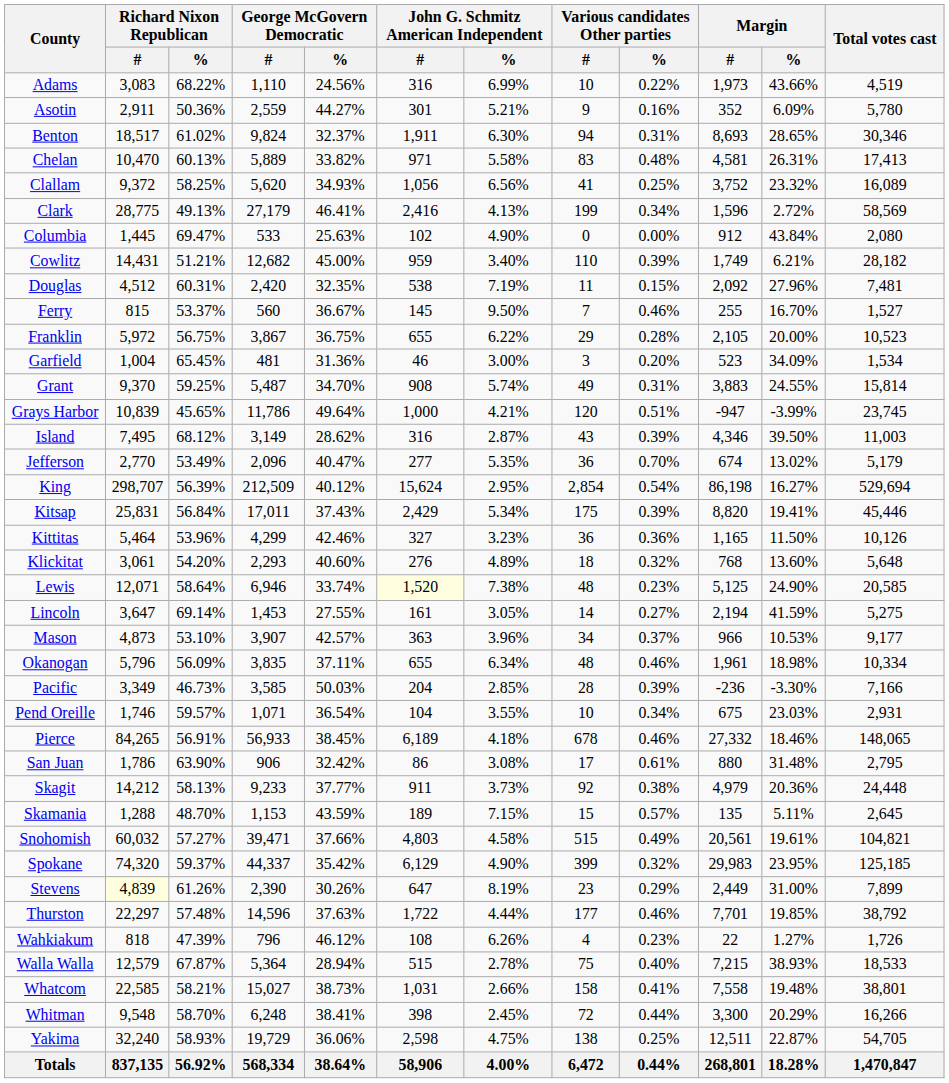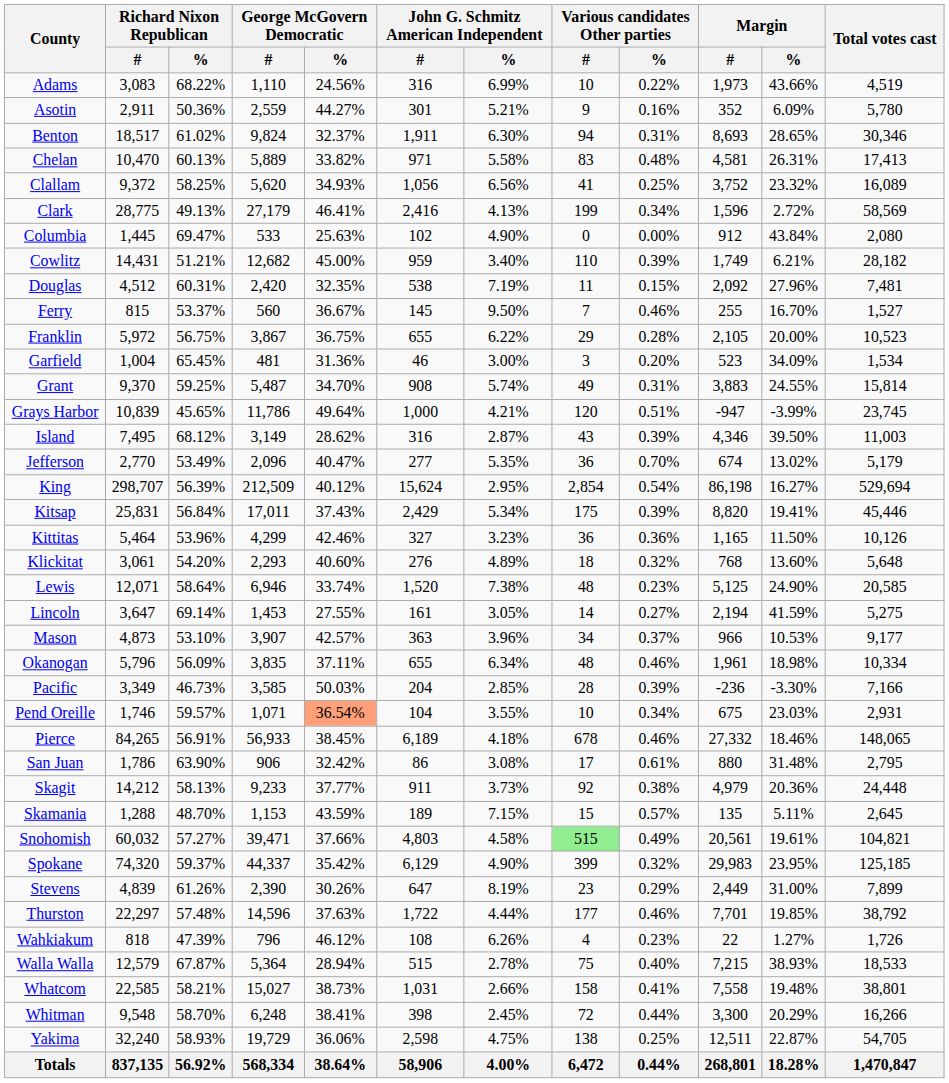 <table width="60%" class="wikitable sortable">
 <tr>
 <th rowspan="2">County</th>
 <th colspan="2">Richard Nixon<br>Republican</th>
 <th colspan="2">George McGovern<br>Democratic</th>
 <th colspan="2">John G. Schmitz<br>American Independent</th>
 <th colspan="2">Various candidates<br>Other parties</th>
 <th colspan="2">Margin</th>
 <th rowspan="2">Total votes cast</th>
 </tr>
 <tr>
 <th style="text-align:center;" data-sort-type="number">#</th>
 <th style="text-align:center;" data-sort-type="number">%</th>
 <th style="text-align:center;" data-sort-type="number">#</th>
 <th style="text-align:center;" data-sort-type="number">%</th>
 <th style="text-align:center;" data-sort-type="number">#</th>
 <th style="text-align:center;" data-sort-type="number">%</th>
 <th style="text-align:center;" data-sort-type="number">#</th>
 <th style="text-align:center;" data-sort-type="number">%</th>
 <th style="text-align:center;" data-sort-type="number">#</th>
 <th style="text-align:center;" data-sort-type="number">%</th>
 </tr>
 <tr style="text-align:center;">
 <td><a href='#'>Adams</a></td>
 <td>3,083</td>
 <td>68.22%</td>
 <td>1,110</td>
 <td>24.56%</td>
 <td>316</td>
 <td>6.99%</td>
 <td>10</td>
 <td>0.22%</td>
 <td>1,973</td>
 <td>43.66%</td>
 <td>4,519</td>
 </tr>
 <tr style="text-align:center;">
 <td><a href='#'>Asotin</a></td>
 <td>2,911</td>
 <td>50.36%</td>
 <td>2,559</td>
 <td>44.27%</td>
 <td>301</td>
 <td>5.21%</td>
 <td>9</td>
 <td>0.16%</td>
 <td>352</td>
 <td>6.09%</td>
 <td>5,780</td>
 </tr>
 <tr style="text-align:center;">
 <td><a href='#'>Benton</a></td>
 <td>18,517</td>
 <td>61.02%</td>
 <td>9,824</td>
 <td>32.37%</td>
 <td>1,911</td>
 <td>6.30%</td>
 <td>94</td>
 <td>0.31%</td>
 <td>8,693</td>
 <td>28.65%</td>
 <td>30,346</td>
 </tr>
 <tr style="text-align:center;">
 <td><a href='#'>Chelan</a></td>
 <td>10,470</td>
 <td>60.13%</td>
 <td>5,889</td>
 <td>33.82%</td>
 <td>971</td>
 <td>5.58%</td>
 <td>83</td>
 <td>0.48%</td>
 <td>4,581</td>
 <td>26.31%</td>
 <td>17,413</td>
 </tr>
 <tr style="text-align:center;">
 <td><a href='#'>Clallam</a></td>
 <td>9,372</td>
 <td>58.25%</td>
 <td>5,620</td>
 <td>34.93%</td>
 <td>1,056</td>
 <td>6.56%</td>
 <td>41</td>
 <td>0.25%</td>
 <td>3,752</td>
 <td>23.32%</td>
 <td>16,089</td>
 </tr>
 <tr style="text-align:center;">
 <td><a href='#'>Clark</a></td>
 <td>28,775</td>
 <td>49.13%</td>
 <td>27,179</td>
 <td>46.41%</td>
 <td>2,416</td>
 <td>4.13%</td>
 <td>199</td>
 <td>0.34%</td>
 <td>1,596</td>
 <td>2.72%</td>
 <td>58,569</td>
 </tr>
 <tr style="text-align:center;">
 <td><a href='#'>Columbia</a></td>
 <td>1,445</td>
 <td>69.47%</td>
 <td>533</td>
 <td>25.63%</td>
 <td>102</td>
 <td>4.90%</td>
 <td>0</td>
 <td>0.00%</td>
 <td>912</td>
 <td>43.84%</td>
 <td>2,080</td>
 </tr>
 <tr style="text-align:center;">
 <td><a href='#'>Cowlitz</a></td>
 <td>14,431</td>
 <td>51.21%</td>
 <td>12,682</td>
 <td>45.00%</td>
 <td>959</td>
 <td>3.40%</td>
 <td>110</td>
 <td>0.39%</td>
 <td>1,749</td>
 <td>6.21%</td>
 <td>28,182</td>
 </tr>
 <tr style="text-align:center;">
 <td><a href='#'>Douglas</a></td>
 <td>4,512</td>
 <td>60.31%</td>
 <td>2,420</td>
 <td>32.35%</td>
 <td>538</td>
 <td>7.19%</td>
 <td>11</td>
 <td>0.15%</td>
 <td>2,092</td>
 <td>27.96%</td>
 <td>7,481</td>
 </tr>
 <tr style="text-align:center;">
 <td><a href='#'>Ferry</a></td>
 <td>815</td>
 <td>53.37%</td>
 <td>560</td>
 <td>36.67%</td>
 <td>145</td>
 <td>9.50%</td>
 <td>7</td>
 <td>0.46%</td>
 <td>255</td>
 <td>16.70%</td>
 <td>1,527</td>
 </tr>
 <tr style="text-align:center;">
 <td><a href='#'>Franklin</a></td>
 <td>5,972</td>
 <td>56.75%</td>
 <td>3,867</td>
 <td>36.75%</td>
 <td>655</td>
 <td>6.22%</td>
 <td>29</td>
 <td>0.28%</td>
 <td>2,105</td>
 <td>20.00%</td>
 <td>10,523</td>
 </tr>
 <tr style="text-align:center;">
 <td><a href='#'>Garfield</a></td>
 <td>1,004</td>
 <td>65.45%</td>
 <td>481</td>
 <td>31.36%</td>
 <td>46</td>
 <td>3.00%</td>
 <td>3</td>
 <td>0.20%</td>
 <td>523</td>
 <td>34.09%</td>
 <td>1,534</td>
 </tr>
 <tr style="text-align:center;">
 <td><a href='#'>Grant</a></td>
 <td>9,370</td>
 <td>59.25%</td>
 <td>5,487</td>
 <td>34.70%</td>
 <td>908</td>
 <td>5.74%</td>
 <td>49</td>
 <td>0.31%</td>
 <td>3,883</td>
 <td>24.55%</td>
 <td>15,814</td>
 </tr>
 <tr style="text-align:center;">
 <td><a href='#'>Grays Harbor</a></td>
 <td>10,839</td>
 <td>45.65%</td>
 <td>11,786</td>
 <td>49.64%</td>
 <td>1,000</td>
 <td>4.21%</td>
 <td>120</td>
 <td>0.51%</td>
 <td>-947</td>
 <td>-3.99%</td>
 <td>23,745</td>
 </tr>
 <tr style="text-align:center;">
 <td><a href='#'>Island</a></td>
 <td>7,495</td>
 <td>68.12%</td>
 <td>3,149</td>
 <td>28.62%</td>
 <td>316</td>
 <td>2.87%</td>
 <td>43</td>
 <td>0.39%</td>
 <td>4,346</td>
 <td>39.50%</td>
 <td>11,003</td>
 </tr>
 <tr style="text-align:center;">
 <td><a href='#'>Jefferson</a></td>
 <td>2,770</td>
 <td>53.49%</td>
 <td>2,096</td>
 <td>40.47%</td>
 <td>277</td>
 <td>5.35%</td>
 <td>36</td>
 <td>0.70%</td>
 <td>674</td>
 <td>13.02%</td>
 <td>5,179</td>
 </tr>
 <tr style="text-align:center;">
 <td><a href='#'>King</a></td>
 <td>298,707</td>
 <td>56.39%</td>
 <td>212,509</td>
 <td>40.12%</td>
 <td>15,624</td>
 <td>2.95%</td>
 <td>2,854</td>
 <td>0.54%</td>
 <td>86,198</td>
 <td>16.27%</td>
 <td>529,694</td>
 </tr>
 <tr style="text-align:center;">
 <td><a href='#'>Kitsap</a></td>
 <td>25,831</td>
 <td>56.84%</td>
 <td>17,011</td>
 <td>37.43%</td>
 <td>2,429</td>
 <td>5.34%</td>
 <td>175</td>
 <td>0.39%</td>
 <td>8,820</td>
 <td>19.41%</td>
 <td>45,446</td>
 </tr>
 <tr style="text-align:center;">
 <td><a href='#'>Kittitas</a></td>
 <td>5,464</td>
 <td>53.96%</td>
 <td>4,299</td>
 <td>42.46%</td>
 <td>327</td>
 <td>3.23%</td>
 <td>36</td>
 <td>0.36%</td>
 <td>1,165</td>
 <td>11.50%</td>
 <td>10,126</td>
 </tr>
 <tr style="text-align:center;">
 <td><a href='#'>Klickitat</a></td>
 <td>3,061</td>
 <td>54.20%</td>
 <td>2,293</td>
 <td>40.60%</td>
 <td>276</td>
 <td>4.89%</td>
 <td>18</td>
 <td>0.32%</td>
 <td>768</td>
 <td>13.60%</td>
 <td>5,648</td>
 </tr>
 <tr style="text-align:center;">
 <td><a href='#'>Lewis</a></td>
 <td>12,071</td>
 <td>58.64%</td>
 <td>6,946</td>
 <td>33.74%</td>
-<td style="background: lightyellow;">1,520</td>
+<td>1,520</td>
 <td>7.38%</td>
 <td>48</td>
 <td>0.23%</td>
 <td>5,125</td>
 <td>24.90%</td>
 <td>20,585</td>
 </tr>
 <tr style="text-align:center;">
 <td><a href='#'>Lincoln</a></td>
 <td>3,647</td>
 <td>69.14%</td>
 <td>1,453</td>
 <td>27.55%</td>
 <td>161</td>
 <td>3.05%</td>
 <td>14</td>
 <td>0.27%</td>
 <td>2,194</td>
 <td>41.59%</td>
 <td>5,275</td>
 </tr>
 <tr style="text-align:center;">
 <td><a href='#'>Mason</a></td>
 <td>4,873</td>
 <td>53.10%</td>
 <td>3,907</td>
 <td>42.57%</td>
 <td>363</td>
 <td>3.96%</td>
 <td>34</td>
 <td>0.37%</td>
 <td>966</td>
 <td>10.53%</td>
 <td>9,177</td>
 </tr>
 <tr style="text-align:center;">
 <td><a href='#'>Okanogan</a></td>
 <td>5,796</td>
 <td>56.09%</td>
 <td>3,835</td>
 <td>37.11%</td>
 <td>655</td>
 <td>6.34%</td>
 <td>48</td>
 <td>0.46%</td>
 <td>1,961</td>
 <td>18.98%</td>
 <td>10,334</td>
 </tr>
 <tr style="text-align:center;">
 <td><a href='#'>Pacific</a></td>
 <td>3,349</td>
 <td>46.73%</td>
 <td>3,585</td>
 <td>50.03%</td>
 <td>204</td>
 <td>2.85%</td>
 <td>28</td>
 <td>0.39%</td>
 <td>-236</td>
 <td>-3.30%</td>
 <td>7,166</td>
 </tr>
 <tr style="text-align:center;">
 <td><a href='#'>Pend Oreille</a></td>
 <td>1,746</td>
 <td>59.57%</td>
 <td>1,071</td>
-<td>36.54%</td>
+<td style="background: lightsalmon;">36.54%</td>
 <td>104</td>
 <td>3.55%</td>
 <td>10</td>
 <td>0.34%</td>
 <td>675</td>
 <td>23.03%</td>
 <td>2,931</td>
 </tr>
 <tr style="text-align:center;">
 <td><a href='#'>Pierce</a></td>
 <td>84,265</td>
 <td>56.91%</td>
 <td>56,933</td>
 <td>38.45%</td>
 <td>6,189</td>
 <td>4.18%</td>
 <td>678</td>
 <td>0.46%</td>
 <td>27,332</td>
 <td>18.46%</td>
 <td>148,065</td>
 </tr>
 <tr style="text-align:center;">
 <td><a href='#'>San Juan</a></td>
 <td>1,786</td>
 <td>63.90%</td>
 <td>906</td>
 <td>32.42%</td>
 <td>86</td>
 <td>3.08%</td>
 <td>17</td>
 <td>0.61%</td>
 <td>880</td>
 <td>31.48%</td>
 <td>2,795</td>
 </tr>
 <tr style="text-align:center;">
 <td><a href='#'>Skagit</a></td>
 <td>14,212</td>
 <td>58.13%</td>
 <td>9,233</td>
 <td>37.77%</td>
 <td>911</td>
 <td>3.73%</td>
 <td>92</td>
 <td>0.38%</td>
 <td>4,979</td>
 <td>20.36%</td>
 <td>24,448</td>
 </tr>
 <tr style="text-align:center;">
 <td><a href='#'>Skamania</a></td>
 <td>1,288</td>
 <td>48.70%</td>
 <td>1,153</td>
 <td>43.59%</td>
 <td>189</td>
 <td>7.15%</td>
 <td>15</td>
 <td>0.57%</td>
 <td>135</td>
 <td>5.11%</td>
 <td>2,645</td>
 </tr>
 <tr style="text-align:center;">
 <td><a href='#'>Snohomish</a></td>
 <td>60,032</td>
 <td>57.27%</td>
 <td>39,471</td>
 <td>37.66%</td>
 <td>4,803</td>
 <td>4.58%</td>
-<td>515</td>
+<td style="background: lightgreen;">515</td>
 <td>0.49%</td>
 <td>20,561</td>
 <td>19.61%</td>
 <td>104,821</td>
 </tr>
 <tr style="text-align:center;">
 <td><a href='#'>Spokane</a></td>
 <td>74,320</td>
 <td>59.37%</td>
 <td>44,337</td>
 <td>35.42%</td>
 <td>6,129</td>
 <td>4.90%</td>
 <td>399</td>
 <td>0.32%</td>
 <td>29,983</td>
 <td>23.95%</td>
 <td>125,185</td>
 </tr>
 <tr style="text-align:center;">
 <td><a href='#'>Stevens</a></td>
-<td style="background: lightyellow;">4,839</td>
+<td>4,839</td>
 <td>61.26%</td>
 <td>2,390</td>
 <td>30.26%</td>
 <td>647</td>
 <td>8.19%</td>
 <td>23</td>
 <td>0.29%</td>
 <td>2,449</td>
 <td>31.00%</td>
 <td>7,899</td>
 </tr>
 <tr style="text-align:center;">
 <td><a href='#'>Thurston</a></td>
 <td>22,297</td>
 <td>57.48%</td>
 <td>14,596</td>
 <td>37.63%</td>
 <td>1,722</td>
 <td>4.44%</td>
 <td>177</td>
 <td>0.46%</td>
 <td>7,701</td>
 <td>19.85%</td>
 <td>38,792</td>
 </tr>
 <tr style="text-align:center;">
 <td><a href='#'>Wahkiakum</a></td>
 <td>818</td>
 <td>47.39%</td>
 <td>796</td>
 <td>46.12%</td>
 <td>108</td>
 <td>6.26%</td>
 <td>4</td>
 <td>0.23%</td>
 <td>22</td>
 <td>1.27%</td>
 <td>1,726</td>
 </tr>
 <tr style="text-align:center;">
 <td><a href='#'>Walla Walla</a></td>
 <td>12,579</td>
 <td>67.87%</td>
 <td>5,364</td>
 <td>28.94%</td>
 <td>515</td>
 <td>2.78%</td>
 <td>75</td>
 <td>0.40%</td>
 <td>7,215</td>
 <td>38.93%</td>
 <td>18,533</td>
 </tr>
 <tr style="text-align:center;">
 <td><a href='#'>Whatcom</a></td>
 <td>22,585</td>
 <td>58.21%</td>
 <td>15,027</td>
 <td>38.73%</td>
 <td>1,031</td>
 <td>2.66%</td>
 <td>158</td>
 <td>0.41%</td>
 <td>7,558</td>
 <td>19.48%</td>
 <td>38,801</td>
 </tr>
 <tr style="text-align:center;">
 <td><a href='#'>Whitman</a></td>
 <td>9,548</td>
 <td>58.70%</td>
 <td>6,248</td>
 <td>38.41%</td>
 <td>398</td>
 <td>2.45%</td>
 <td>72</td>
 <td>0.44%</td>
 <td>3,300</td>
 <td>20.29%</td>
 <td>16,266</td>
 </tr>
 <tr style="text-align:center;">
 <td><a href='#'>Yakima</a></td>
 <td>32,240</td>
 <td>58.93%</td>
 <td>19,729</td>
 <td>36.06%</td>
 <td>2,598</td>
 <td>4.75%</td>
 <td>138</td>
 <td>0.25%</td>
 <td>12,511</td>
 <td>22.87%</td>
 <td>54,705</td>
 </tr>
 <tr>
 <th>Totals</th>
 <th>837,135</th>
 <th>56.92%</th>
 <th>568,334</th>
 <th>38.64%</th>
 <th>58,906</th>
 <th>4.00%</th>
 <th>6,472</th>
 <th>0.44%</th>
 <th>268,801</th>
 <th>18.28%</th>
 <th>1,470,847</th>
 </tr>
 </table>
